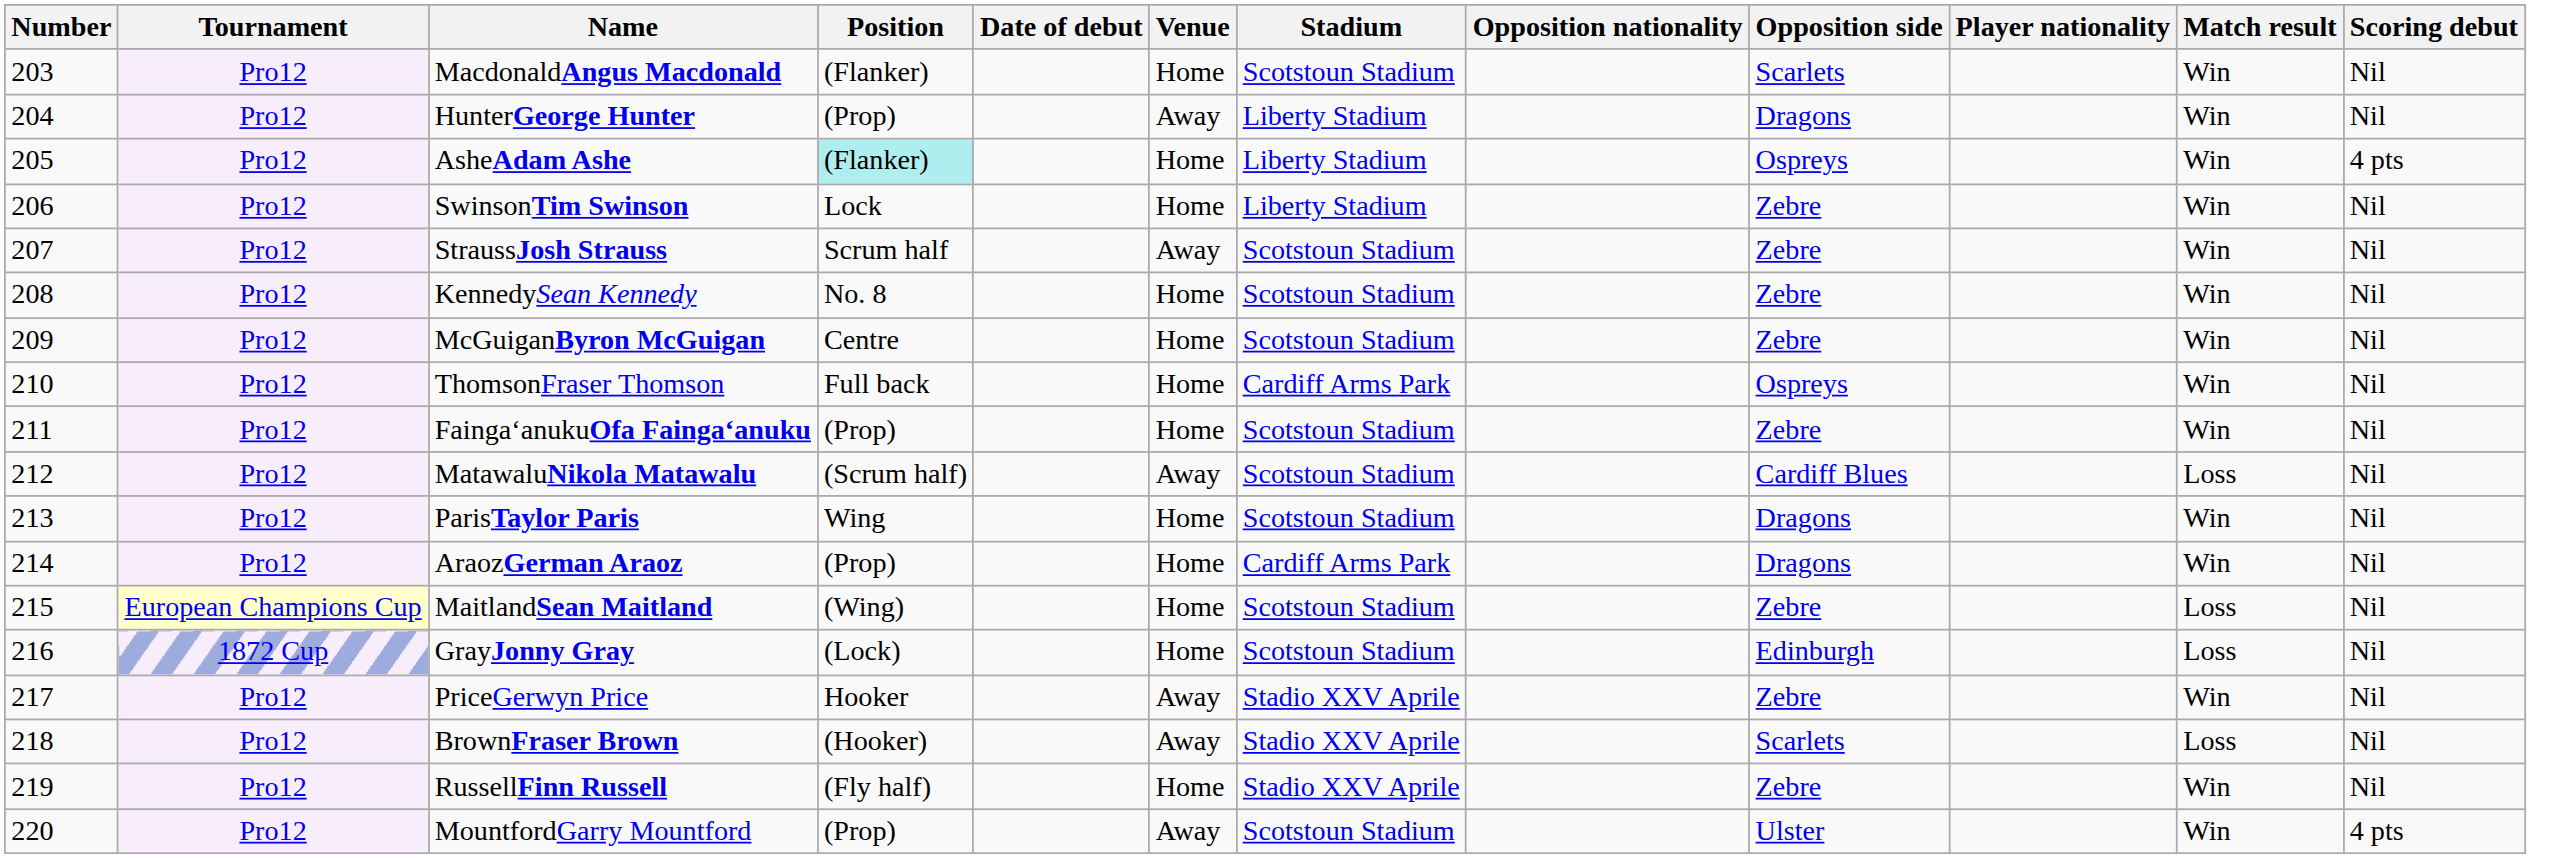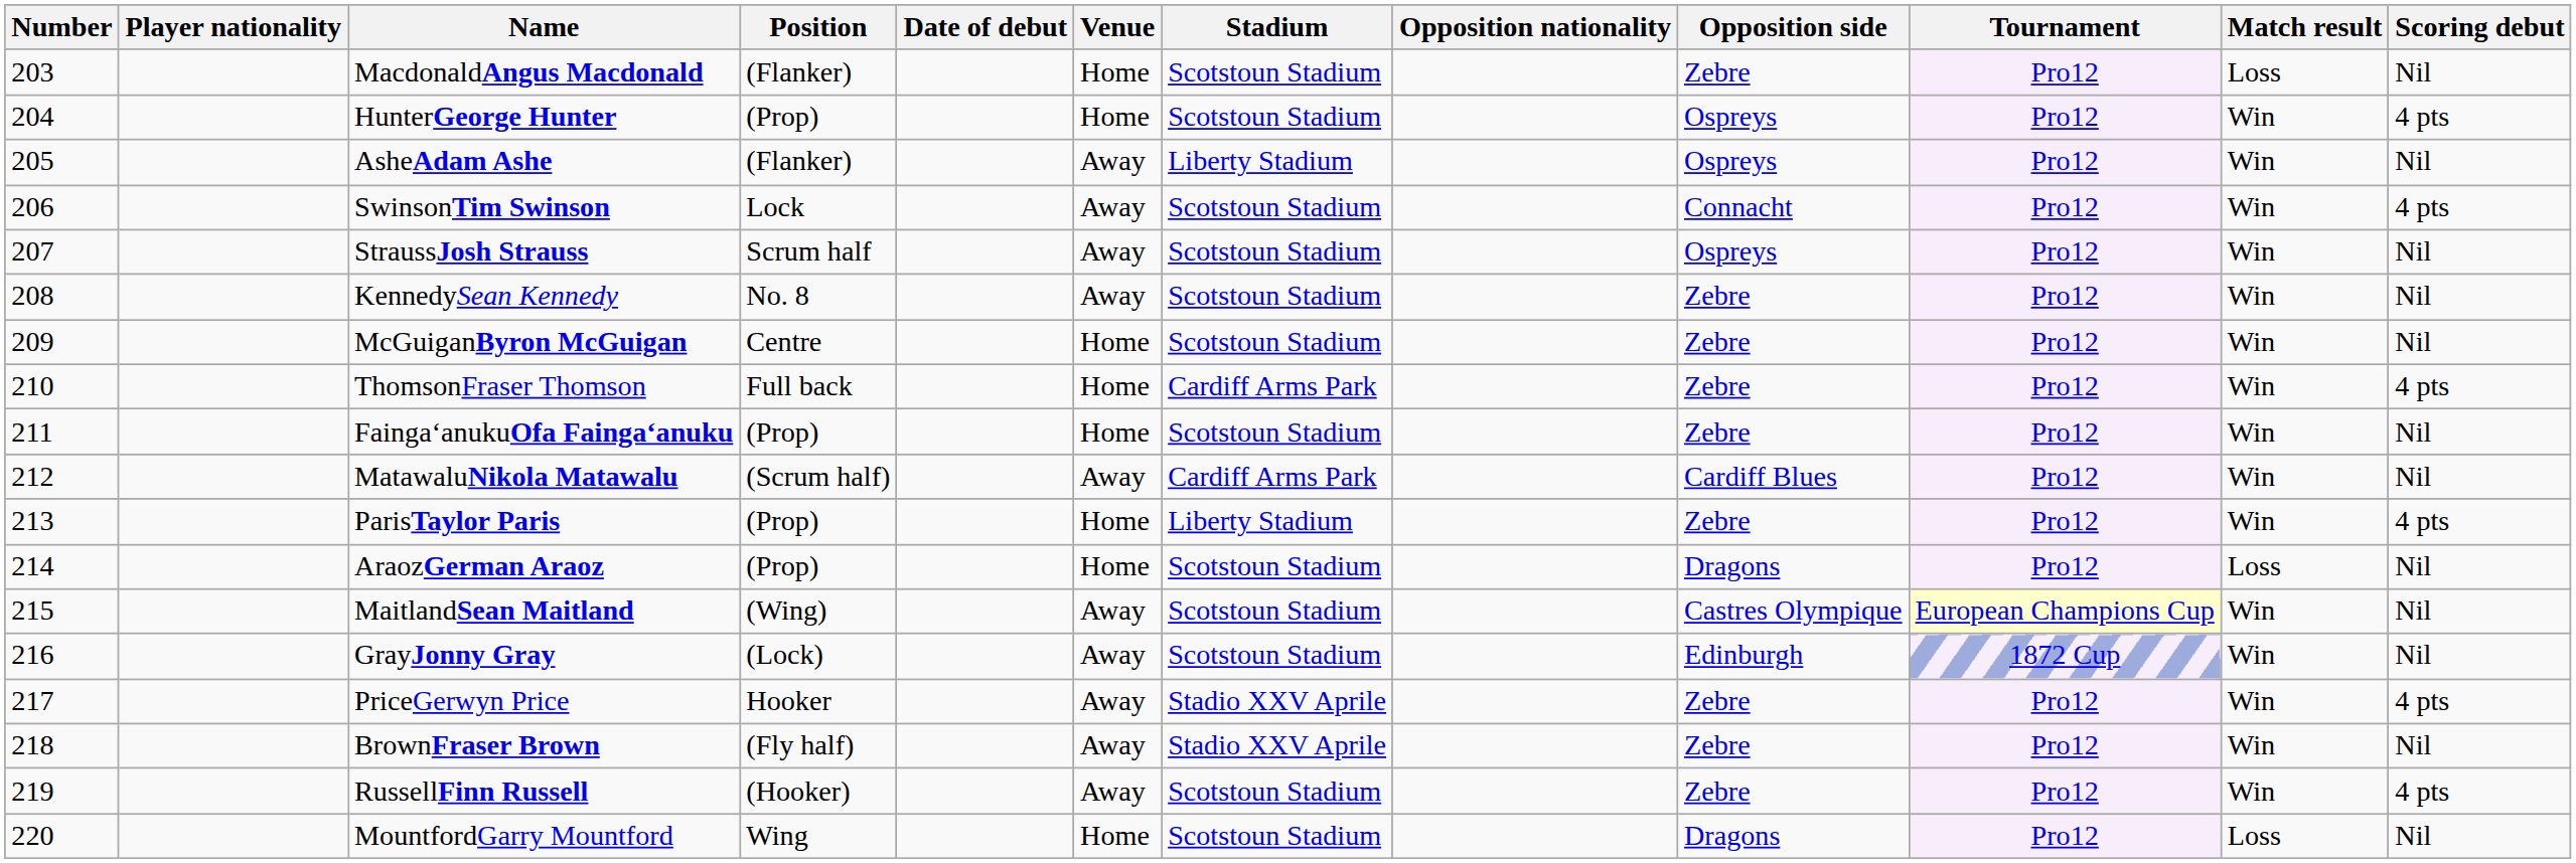 <table class="sortable wikitable">
 <tr>
 <th data-sort-type="number">Number</th>
-<th>Tournament</th>
+<th>Player nationality</th>
 <th>Name</th>
 <th>Position</th>
 <th>Date of debut</th>
 <th>Venue</th>
 <th>Stadium</th>
 <th>Opposition nationality</th>
 <th>Opposition side</th>
-<th>Player nationality</th>
+<th>Tournament</th>
 <th>Match result</th>
 <th>Scoring debut</th>
 </tr>
 <tr>
 <td>203</td>
-<td style="text-align:center; background:#F8EDFA;"><a href='#'>Pro12</a></td>
+<td style="text-align:center;"></td>
 <td><span>Macdonald</span><strong><a href='#'>Angus Macdonald</a></strong></td>
 <td>(Flanker)</td>
 <td></td>
 <td>Home</td>
 <td><a href='#'>Scotstoun Stadium</a></td>
 <td style="text-align:center;"></td>
-<td><a href='#'>Scarlets</a></td>
+<td><a href='#'>Zebre</a></td>
+<td style="text-align:center; background:#F8EDFA;"><a href='#'>Pro12</a></td>
+<td>Loss</td>
+<td>Nil</td>
+</tr>
+<tr>
+<td>204</td>
 <td style="text-align:center;"></td>
+<td><span>Hunter</span><strong><a href='#'>George Hunter</a></strong></td>
+<td>(Prop)</td>
+<td></td>
+<td>Home</td>
+<td><a href='#'>Scotstoun Stadium</a></td>
+<td style="text-align:center;"></td>
+<td><a href='#'>Ospreys</a></td>
+<td style="text-align:center; background:#F8EDFA;"><a href='#'>Pro12</a></td>
+<td>Win</td>
+<td>4 pts</td>
+</tr>
+<tr>
+<td>205</td>
+<td style="text-align:center;"></td>
+<td><span>Ashe</span><strong><a href='#'>Adam Ashe</a></strong></td>
+<td>(Flanker)</td>
+<td></td>
+<td>Away</td>
+<td><a href='#'>Liberty Stadium</a></td>
+<td style="text-align:center;"></td>
+<td><a href='#'>Ospreys</a></td>
+<td style="text-align:center; background:#F8EDFA;"><a href='#'>Pro12</a></td>
 <td>Win</td>
 <td>Nil</td>
 </tr>
 <tr>
-<td>204</td>
-<td style="text-align:center; background:#F8EDFA;"><a href='#'>Pro12</a></td>
-<td><span>Hunter</span><strong><a href='#'>George Hunter</a></strong></td>
-<td>(Prop)</td>
+<td>206</td>
+<td style="text-align:center;"></td>
+<td><span>Swinson</span><strong><a href='#'>Tim Swinson</a></strong></td>
+<td>Lock</td>
 <td></td>
 <td>Away</td>
-<td><a href='#'>Liberty Stadium</a></td>
+<td><a href='#'>Scotstoun Stadium</a></td>
 <td style="text-align:center;"></td>
-<td><a href='#'>Dragons</a></td>
-<td style="text-align:center;"></td>
-<td>Win</td>
-<td>Nil</td>
-</tr>
-<tr>
-<td>205</td>
+<td><a href='#'>Connacht</a></td>
 <td style="text-align:center; background:#F8EDFA;"><a href='#'>Pro12</a></td>
-<td><span>Ashe</span><strong><a href='#'>Adam Ashe</a></strong></td>
-<td style="background: paleturquoise;">(Flanker)</td>
-<td></td>
-<td>Home</td>
-<td><a href='#'>Liberty Stadium</a></td>
-<td style="text-align:center;"></td>
-<td><a href='#'>Ospreys</a></td>
-<td style="text-align:center;"></td>
 <td>Win</td>
 <td>4 pts</td>
 </tr>
 <tr>
-<td>206</td>
-<td style="text-align:center; background:#F8EDFA;"><a href='#'>Pro12</a></td>
-<td><span>Swinson</span><strong><a href='#'>Tim Swinson</a></strong></td>
-<td>Lock</td>
-<td></td>
-<td>Home</td>
-<td><a href='#'>Liberty Stadium</a></td>
+<td>207</td>
 <td style="text-align:center;"></td>
-<td><a href='#'>Zebre</a></td>
-<td style="text-align:center;"></td>
-<td>Win</td>
-<td>Nil</td>
-</tr>
-<tr>
-<td>207</td>
-<td style="text-align:center; background:#F8EDFA;"><a href='#'>Pro12</a></td>
 <td><span>Strauss</span><strong><a href='#'>Josh Strauss</a></strong></td>
 <td>Scrum half</td>
 <td></td>
 <td>Away</td>
 <td><a href='#'>Scotstoun Stadium</a></td>
 <td style="text-align:center;"></td>
-<td><a href='#'>Zebre</a></td>
-<td style="text-align:center;"></td>
+<td><a href='#'>Ospreys</a></td>
+<td style="text-align:center; background:#F8EDFA;"><a href='#'>Pro12</a></td>
 <td>Win</td>
 <td>Nil</td>
 </tr>
 <tr>
 <td>208</td>
-<td style="text-align:center; background:#F8EDFA;"><a href='#'>Pro12</a></td>
+<td style="text-align:center;"></td>
 <td><span>Kennedy</span><em><a href='#'>Sean Kennedy</a></em></td>
 <td>No. 8</td>
 <td></td>
-<td>Home</td>
+<td>Away</td>
 <td><a href='#'>Scotstoun Stadium</a></td>
 <td style="text-align:center;"></td>
 <td><a href='#'>Zebre</a></td>
-<td style="text-align:center;"></td>
+<td style="text-align:center; background:#F8EDFA;"><a href='#'>Pro12</a></td>
 <td>Win</td>
 <td>Nil</td>
 </tr>
 <tr>
 <td>209</td>
-<td style="text-align:center; background:#F8EDFA;"><a href='#'>Pro12</a></td>
+<td style="text-align:center;"></td>
 <td><span>McGuigan</span><strong><a href='#'>Byron McGuigan</a></strong></td>
 <td>Centre</td>
 <td></td>
 <td>Home</td>
 <td><a href='#'>Scotstoun Stadium</a></td>
 <td style="text-align:center;"></td>
 <td><a href='#'>Zebre</a></td>
-<td style="text-align:center;"></td>
+<td style="text-align:center; background:#F8EDFA;"><a href='#'>Pro12</a></td>
 <td>Win</td>
 <td>Nil</td>
 </tr>
 <tr>
 <td>210</td>
-<td style="text-align:center; background:#F8EDFA;"><a href='#'>Pro12</a></td>
+<td style="text-align:center;"></td>
 <td><span>Thomson</span><a href='#'>Fraser Thomson</a></td>
 <td>Full back</td>
 <td></td>
 <td>Home</td>
 <td><a href='#'>Cardiff Arms Park</a></td>
 <td style="text-align:center;"></td>
-<td><a href='#'>Ospreys</a></td>
-<td style="text-align:center;"></td>
+<td><a href='#'>Zebre</a></td>
+<td style="text-align:center; background:#F8EDFA;"><a href='#'>Pro12</a></td>
 <td>Win</td>
-<td>Nil</td>
+<td>4 pts</td>
 </tr>
 <tr>
 <td>211</td>
-<td style="text-align:center; background:#F8EDFA;"><a href='#'>Pro12</a></td>
+<td style="text-align:center;"></td>
 <td><span>Faingaʻanuku</span><strong><a href='#'>Ofa Faingaʻanuku</a></strong></td>
 <td>(Prop)</td>
 <td></td>
 <td>Home</td>
 <td><a href='#'>Scotstoun Stadium</a></td>
 <td style="text-align:center;"></td>
 <td><a href='#'>Zebre</a></td>
-<td style="text-align:center;"></td>
+<td style="text-align:center; background:#F8EDFA;"><a href='#'>Pro12</a></td>
 <td>Win</td>
 <td>Nil</td>
 </tr>
 <tr>
 <td>212</td>
-<td style="text-align:center; background:#F8EDFA;"><a href='#'>Pro12</a></td>
+<td style="text-align:center;"></td>
 <td><span>Matawalu</span><strong><a href='#'>Nikola Matawalu</a></strong></td>
 <td>(Scrum half)</td>
 <td></td>
 <td>Away</td>
-<td><a href='#'>Scotstoun Stadium</a></td>
+<td><a href='#'>Cardiff Arms Park</a></td>
 <td style="text-align:center;"></td>
 <td><a href='#'>Cardiff Blues</a></td>
-<td style="text-align:center;"></td>
-<td>Loss</td>
+<td style="text-align:center; background:#F8EDFA;"><a href='#'>Pro12</a></td>
+<td>Win</td>
 <td>Nil</td>
 </tr>
 <tr>
 <td>213</td>
+<td style="text-align:center;"></td>
+<td><span>Paris</span><strong><a href='#'>Taylor Paris</a></strong></td>
+<td>(Prop)</td>
+<td></td>
+<td>Home</td>
+<td><a href='#'>Liberty Stadium</a></td>
+<td style="text-align:center;"></td>
+<td><a href='#'>Zebre</a></td>
 <td style="text-align:center; background:#F8EDFA;"><a href='#'>Pro12</a></td>
-<td><span>Paris</span><strong><a href='#'>Taylor Paris</a></strong></td>
-<td>Wing</td>
+<td>Win</td>
+<td>4 pts</td>
+</tr>
+<tr>
+<td>214</td>
+<td style="text-align:center;"></td>
+<td><span>Araoz</span><strong><a href='#'>German Araoz</a></strong></td>
+<td>(Prop)</td>
 <td></td>
 <td>Home</td>
 <td><a href='#'>Scotstoun Stadium</a></td>
 <td style="text-align:center;"></td>
 <td><a href='#'>Dragons</a></td>
+<td style="text-align:center; background:#F8EDFA;"><a href='#'>Pro12</a></td>
+<td>Loss</td>
+<td>Nil</td>
+</tr>
+<tr>
+<td>215</td>
 <td style="text-align:center;"></td>
+<td><span>Maitland</span><strong><a href='#'>Sean Maitland</a></strong></td>
+<td>(Wing)</td>
+<td></td>
+<td>Away</td>
+<td><a href='#'>Scotstoun Stadium</a></td>
+<td style="text-align:center;"></td>
+<td><a href='#'>Castres Olympique</a></td>
+<td style="text-align:center; background:#ffffcc;"><a href='#'>European Champions Cup</a></td>
 <td>Win</td>
 <td>Nil</td>
 </tr>
 <tr>
-<td>214</td>
-<td style="text-align:center; background:#F8EDFA;"><a href='#'>Pro12</a></td>
-<td><span>Araoz</span><strong><a href='#'>German Araoz</a></strong></td>
-<td>(Prop)</td>
+<td>216</td>
+<td style="text-align:center;"></td>
+<td><span>Gray</span><strong><a href='#'>Jonny Gray</a></strong></td>
+<td>(Lock)</td>
 <td></td>
-<td>Home</td>
-<td><a href='#'>Cardiff Arms Park</a></td>
+<td>Away</td>
+<td><a href='#'>Scotstoun Stadium</a></td>
 <td style="text-align:center;"></td>
-<td><a href='#'>Dragons</a></td>
-<td style="text-align:center;"></td>
+<td><a href='#'>Edinburgh</a></td>
+<td style="text-align:center; background:repeating-linear-gradient(-55deg, #9DABDD, #9DABDD 10px, #F8EDFA 10px, #F8EDFA 20px);"><a href='#'>1872 Cup</a></td>
 <td>Win</td>
 <td>Nil</td>
 </tr>
 <tr>
-<td>215</td>
-<td style="text-align:center; background:#ffffcc;"><a href='#'>European Champions Cup</a></td>
-<td><span>Maitland</span><strong><a href='#'>Sean Maitland</a></strong></td>
-<td>(Wing)</td>
-<td></td>
-<td>Home</td>
-<td><a href='#'>Scotstoun Stadium</a></td>
+<td>217</td>
 <td style="text-align:center;"></td>
-<td><a href='#'>Zebre</a></td>
-<td style="text-align:center;"></td>
-<td>Loss</td>
-<td>Nil</td>
-</tr>
-<tr>
-<td>216</td>
-<td style="text-align:center; background:repeating-linear-gradient(-55deg, #9DABDD, #9DABDD 10px, #F8EDFA 10px, #F8EDFA 20px);"><a href='#'>1872 Cup</a></td>
-<td><span>Gray</span><strong><a href='#'>Jonny Gray</a></strong></td>
-<td>(Lock)</td>
-<td></td>
-<td>Home</td>
-<td><a href='#'>Scotstoun Stadium</a></td>
-<td style="text-align:center;"></td>
-<td><a href='#'>Edinburgh</a></td>
-<td style="text-align:center;"></td>
-<td>Loss</td>
-<td>Nil</td>
-</tr>
-<tr>
-<td>217</td>
-<td style="text-align:center; background:#F8EDFA;"><a href='#'>Pro12</a></td>
 <td><span>Price</span><a href='#'>Gerwyn Price</a></td>
 <td>Hooker</td>
 <td></td>
 <td>Away</td>
 <td><a href='#'>Stadio XXV Aprile</a></td>
 <td style="text-align:center;"></td>
 <td><a href='#'>Zebre</a></td>
+<td style="text-align:center; background:#F8EDFA;"><a href='#'>Pro12</a></td>
+<td>Win</td>
+<td>4 pts</td>
+</tr>
+<tr>
+<td>218</td>
 <td style="text-align:center;"></td>
+<td><span>Brown</span><strong><a href='#'>Fraser Brown</a></strong></td>
+<td>(Fly half)</td>
+<td></td>
+<td>Away</td>
+<td><a href='#'>Stadio XXV Aprile</a></td>
+<td style="text-align:center;"></td>
+<td><a href='#'>Zebre</a></td>
+<td style="text-align:center; background:#F8EDFA;"><a href='#'>Pro12</a></td>
 <td>Win</td>
 <td>Nil</td>
 </tr>
 <tr>
-<td>218</td>
-<td style="text-align:center; background:#F8EDFA;"><a href='#'>Pro12</a></td>
-<td><span>Brown</span><strong><a href='#'>Fraser Brown</a></strong></td>
+<td>219</td>
+<td style="text-align:center;"></td>
+<td><span>Russell</span><strong><a href='#'>Finn Russell</a></strong></td>
 <td>(Hooker)</td>
-<td></td>
-<td>Away</td>
-<td><a href='#'>Stadio XXV Aprile</a></td>
-<td style="text-align:center;"></td>
-<td><a href='#'>Scarlets</a></td>
-<td style="text-align:center;"></td>
-<td>Loss</td>
-<td>Nil</td>
-</tr>
-<tr>
-<td>219</td>
-<td style="text-align:center; background:#F8EDFA;"><a href='#'>Pro12</a></td>
-<td><span>Russell</span><strong><a href='#'>Finn Russell</a></strong></td>
-<td>(Fly half)</td>
-<td></td>
-<td>Home</td>
-<td><a href='#'>Stadio XXV Aprile</a></td>
-<td style="text-align:center;"></td>
-<td><a href='#'>Zebre</a></td>
-<td style="text-align:center;"></td>
-<td>Win</td>
-<td>Nil</td>
-</tr>
-<tr>
-<td>220</td>
-<td style="text-align:center; background:#F8EDFA;"><a href='#'>Pro12</a></td>
-<td><span>Mountford</span><a href='#'>Garry Mountford</a></td>
-<td>(Prop)</td>
 <td></td>
 <td>Away</td>
 <td><a href='#'>Scotstoun Stadium</a></td>
 <td style="text-align:center;"></td>
-<td><a href='#'>Ulster</a></td>
-<td style="text-align:center;"></td>
+<td><a href='#'>Zebre</a></td>
+<td style="text-align:center; background:#F8EDFA;"><a href='#'>Pro12</a></td>
 <td>Win</td>
 <td>4 pts</td>
 </tr>
+<tr>
+<td>220</td>
+<td style="text-align:center;"></td>
+<td><span>Mountford</span><a href='#'>Garry Mountford</a></td>
+<td>Wing</td>
+<td></td>
+<td>Home</td>
+<td><a href='#'>Scotstoun Stadium</a></td>
+<td style="text-align:center;"></td>
+<td><a href='#'>Dragons</a></td>
+<td style="text-align:center; background:#F8EDFA;"><a href='#'>Pro12</a></td>
+<td>Loss</td>
+<td>Nil</td>
+</tr>
 </table>
